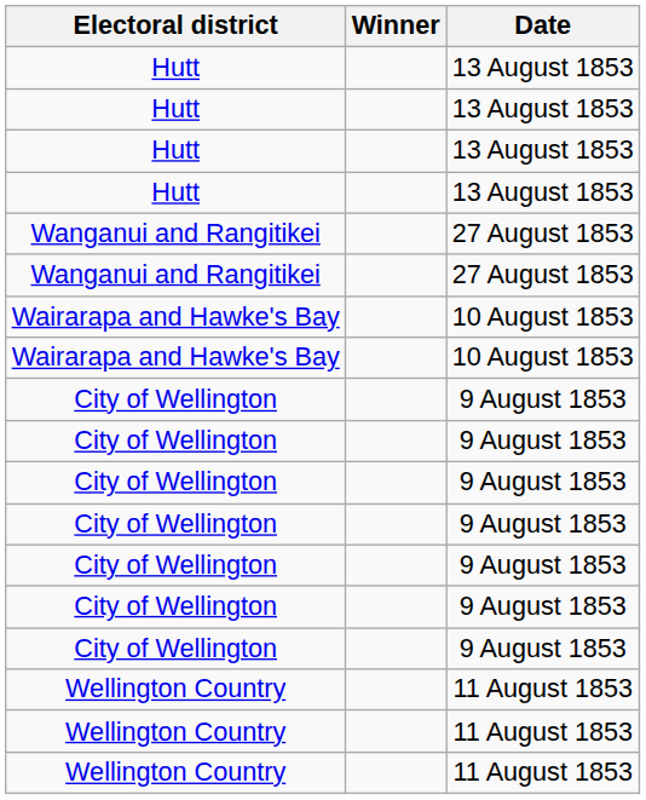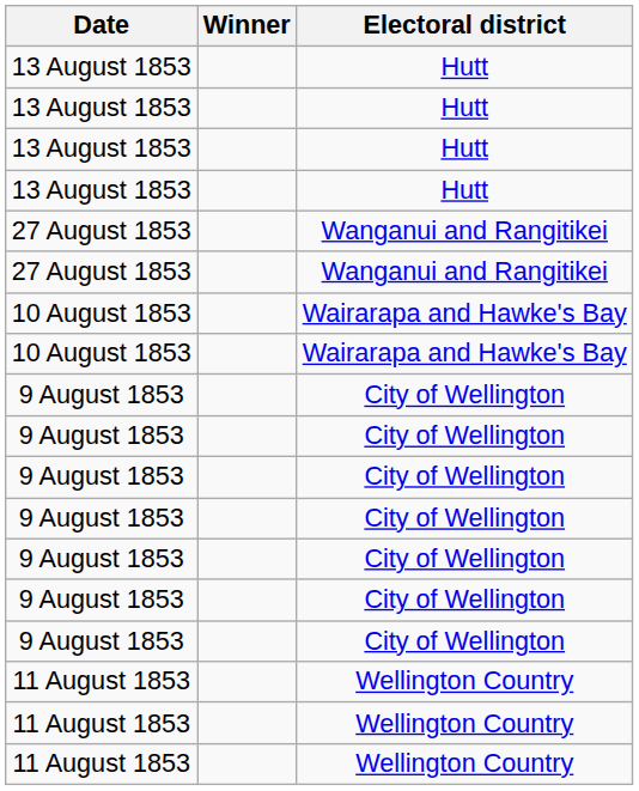 <table class="wikitable sortable" style="text-align:center;">
 <tr>
+<th>Date</th>
+<th>Winner</th>
 <th>Electoral district</th>
-<th>Winner</th>
-<th>Date</th>
 </tr>
 <tr>
+<td>13 August 1853</td>
+<td></td>
 <td><a href='#'>Hutt</a></td>
-<td></td>
-<td>13 August 1853</td>
 </tr>
 <tr>
+<td>13 August 1853</td>
+<td></td>
 <td><a href='#'>Hutt</a></td>
-<td></td>
-<td>13 August 1853</td>
 </tr>
 <tr>
+<td>13 August 1853</td>
+<td></td>
 <td><a href='#'>Hutt</a></td>
-<td></td>
-<td>13 August 1853</td>
 </tr>
 <tr>
+<td>13 August 1853</td>
+<td></td>
 <td><a href='#'>Hutt</a></td>
-<td></td>
-<td>13 August 1853</td>
 </tr>
 <tr>
+<td>27 August 1853</td>
+<td></td>
 <td><a href='#'>Wanganui and Rangitikei</a></td>
-<td></td>
-<td>27 August 1853</td>
 </tr>
 <tr>
+<td>27 August 1853</td>
+<td></td>
 <td><a href='#'>Wanganui and Rangitikei</a></td>
-<td></td>
-<td>27 August 1853</td>
 </tr>
 <tr>
+<td>10 August 1853</td>
+<td></td>
 <td><a href='#'>Wairarapa and Hawke's Bay</a></td>
-<td></td>
-<td>10 August 1853</td>
 </tr>
 <tr>
+<td>10 August 1853</td>
+<td></td>
 <td><a href='#'>Wairarapa and Hawke's Bay</a></td>
-<td></td>
-<td>10 August 1853</td>
 </tr>
 <tr>
+<td>9 August 1853</td>
+<td></td>
 <td><a href='#'>City of Wellington</a></td>
-<td></td>
-<td>9 August 1853</td>
 </tr>
 <tr>
+<td>9 August 1853</td>
+<td></td>
 <td><a href='#'>City of Wellington</a></td>
-<td></td>
-<td>9 August 1853</td>
 </tr>
 <tr>
+<td>9 August 1853</td>
+<td></td>
 <td><a href='#'>City of Wellington</a></td>
-<td></td>
-<td>9 August 1853</td>
 </tr>
 <tr>
+<td>9 August 1853</td>
+<td></td>
 <td><a href='#'>City of Wellington</a></td>
-<td></td>
-<td>9 August 1853</td>
 </tr>
 <tr>
+<td>9 August 1853</td>
+<td></td>
 <td><a href='#'>City of Wellington</a></td>
-<td></td>
-<td>9 August 1853</td>
 </tr>
 <tr>
+<td>9 August 1853</td>
+<td></td>
 <td><a href='#'>City of Wellington</a></td>
-<td></td>
-<td>9 August 1853</td>
 </tr>
 <tr>
+<td>9 August 1853</td>
+<td></td>
 <td><a href='#'>City of Wellington</a></td>
-<td></td>
-<td>9 August 1853</td>
 </tr>
 <tr>
+<td>11 August 1853</td>
+<td></td>
 <td><a href='#'>Wellington Country</a></td>
-<td></td>
-<td>11 August 1853</td>
 </tr>
 <tr>
+<td>11 August 1853</td>
+<td></td>
 <td><a href='#'>Wellington Country</a></td>
-<td></td>
-<td>11 August 1853</td>
 </tr>
 <tr>
+<td>11 August 1853</td>
+<td></td>
 <td><a href='#'>Wellington Country</a></td>
-<td></td>
-<td>11 August 1853</td>
 </tr>
 </table>
